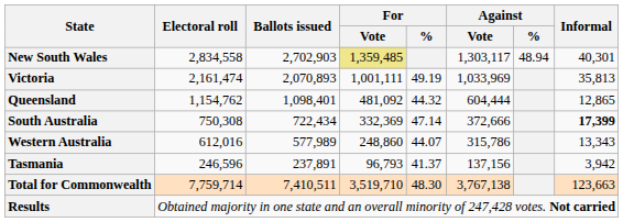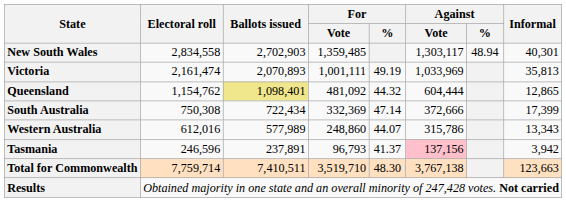 <table class="wikitable">
 <tr align=center>
 <th rowspan="2">State</th>
 <th rowspan="2">Electoral roll</th>
 <th rowspan="2">Ballots issued</th>
 <th align=center colspan="2">For</th>
 <th align=center colspan="2">Against</th>
 <th align=center rowspan="2">Informal</th>
 </tr>
 <tr>
 <th align=center>Vote</th>
 <th align=center>%</th>
 <th align=center>Vote</th>
 <th align=center>%</th>
 </tr>
 <tr align="right">
 <th style="text-align:left;">New South Wales</th>
 <td>2,834,558</td>
 <td>2,702,903</td>
-<td style="background: khaki;">1,359,485</td>
+<td>1,359,485</td>
 <th></th>
 <td>1,303,117</td>
 <td align="center">48.94</td>
 <td>40,301</td>
 </tr>
 <tr align="right">
 <th style="text-align:left;">Victoria</th>
 <td>2,161,474</td>
 <td>2,070,893</td>
 <td>1,001,111</td>
 <td align="center">49.19</td>
 <td>1,033,969</td>
 <th></th>
 <td>35,813</td>
 </tr>
 <tr align="right">
 <th style="text-align:left;">Queensland</th>
 <td>1,154,762</td>
-<td>1,098,401</td>
+<td style="background: khaki;">1,098,401</td>
 <td>481,092</td>
 <td align="center">44.32</td>
 <td>604,444</td>
 <th></th>
 <td>12,865</td>
 </tr>
 <tr align="right">
 <th style="text-align:left;">South Australia</th>
 <td>750,308</td>
 <td>722,434</td>
 <td>332,369</td>
 <td align="center">47.14</td>
 <td>372,666</td>
 <th></th>
-<td><strong>17,399</strong></td>
+<td>17,399</td>
 </tr>
 <tr align="right">
 <th style="text-align:left;">Western Australia</th>
 <td>612,016</td>
 <td>577,989</td>
 <td>248,860</td>
 <td align="center">44.07</td>
 <td>315,786</td>
 <th></th>
 <td>13,343</td>
 </tr>
 <tr align="right">
 <th style="text-align:left;">Tasmania</th>
 <td>246,596</td>
 <td>237,891</td>
 <td>96,793</td>
 <td align="center">41.37</td>
-<td>137,156</td>
+<td style="background: pink;">137,156</td>
 <th></th>
 <td>3,942</td>
 </tr>
 <tr bgcolor="#FFE0C0" align="right">
 <th style="text-align:left">Total for Commonwealth</th>
 <td>7,759,714</td>
 <td>7,410,511</td>
 <td>3,519,710</td>
 <td align="center">48.30</td>
 <td>3,767,138</td>
 <th></th>
 <td>123,663</td>
 </tr>
 <tr>
 <th style="text-align:left;">Results</th>
 <td colSpan="8"><em>Obtained majority in one state and an overall minority of 247,428 votes.</em> <strong>Not carried</strong></td>
 </tr>
 </table>
